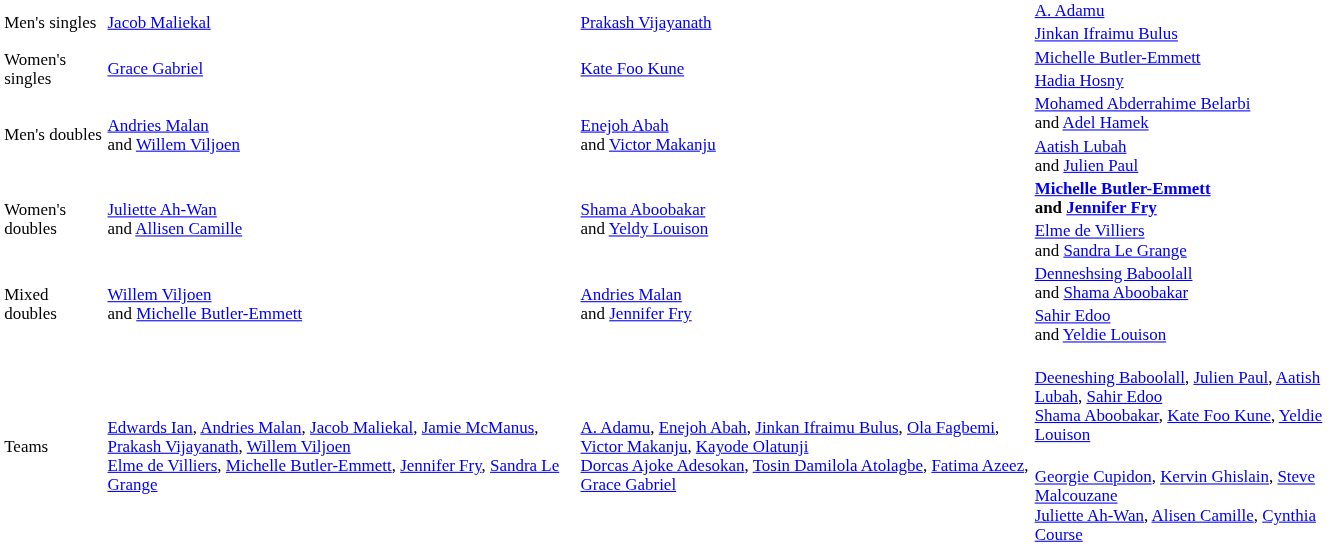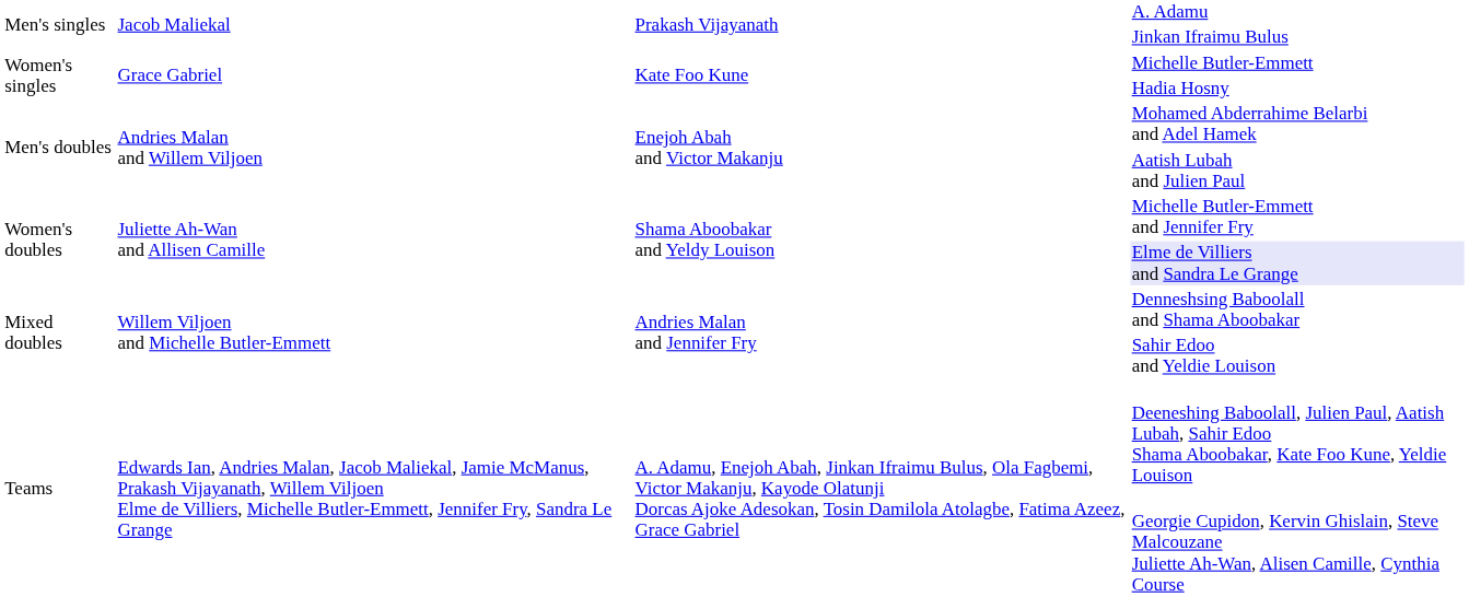 <table>
 <tr>
 <td rowspan=2>Men's singles</td>
 <td rowspan=2> <a href='#'>Jacob Maliekal</a></td>
 <td rowspan=2> <a href='#'>Prakash Vijayanath</a></td>
 <td> <a href='#'>A. Adamu</a></td>
 </tr>
 <tr>
 <td> <a href='#'>Jinkan Ifraimu Bulus</a></td>
 </tr>
 <tr>
 <td rowspan=2>Women's singles</td>
 <td rowspan=2> <a href='#'>Grace Gabriel</a></td>
 <td rowspan=2> <a href='#'>Kate Foo Kune</a></td>
 <td> <a href='#'>Michelle Butler-Emmett</a></td>
 </tr>
 <tr>
 <td> <a href='#'>Hadia Hosny</a></td>
 </tr>
 <tr>
 <td rowspan=2>Men's doubles</td>
 <td rowspan=2> <a href='#'>Andries Malan</a><br>and <a href='#'>Willem Viljoen</a></td>
 <td rowspan=2> <a href='#'>Enejoh Abah</a><br>and <a href='#'>Victor Makanju</a></td>
 <td> <a href='#'>Mohamed Abderrahime Belarbi</a><br>and <a href='#'>Adel Hamek</a></td>
 </tr>
 <tr>
 <td> <a href='#'>Aatish Lubah</a><br>and <a href='#'>Julien Paul</a></td>
 </tr>
 <tr>
 <td rowspan=2>Women's doubles</td>
 <td rowspan=2> <a href='#'>Juliette Ah-Wan</a><br>and <a href='#'>Allisen Camille</a></td>
 <td rowspan=2> <a href='#'>Shama Aboobakar</a><br>and <a href='#'>Yeldy Louison</a></td>
-<td><strong> <a href='#'>Michelle Butler-Emmett</a><br>and <a href='#'>Jennifer Fry</a></strong></td>
+<td> <a href='#'>Michelle Butler-Emmett</a><br>and <a href='#'>Jennifer Fry</a></td>
 </tr>
 <tr>
-<td> <a href='#'>Elme de Villiers</a><br>and <a href='#'>Sandra Le Grange</a></td>
+<td style="background: lavender;"> <a href='#'>Elme de Villiers</a><br>and <a href='#'>Sandra Le Grange</a></td>
 </tr>
 <tr>
 <td rowspan=2>Mixed doubles</td>
 <td rowspan=2> <a href='#'>Willem Viljoen</a><br>and <a href='#'>Michelle Butler-Emmett</a></td>
 <td rowspan=2> <a href='#'>Andries Malan</a><br>and <a href='#'>Jennifer Fry</a></td>
 <td> <a href='#'>Denneshsing Baboolall</a><br>and <a href='#'>Shama Aboobakar</a></td>
 </tr>
 <tr>
 <td> <a href='#'>Sahir Edoo</a><br>and <a href='#'>Yeldie Louison</a></td>
 </tr>
 <tr>
 <td rowspan=2>Teams</td>
 <td rowspan=2><br><a href='#'>Edwards Ian</a>, <a href='#'>Andries Malan</a>, <a href='#'>Jacob Maliekal</a>, <a href='#'>Jamie McManus</a>, <a href='#'>Prakash Vijayanath</a>, <a href='#'>Willem Viljoen</a><br> <a href='#'>Elme de Villiers</a>, <a href='#'>Michelle Butler-Emmett</a>, <a href='#'>Jennifer Fry</a>, <a href='#'>Sandra Le Grange</a></td>
 <td rowspan=2><br> <a href='#'>A. Adamu</a>, <a href='#'>Enejoh Abah</a>, <a href='#'>Jinkan Ifraimu Bulus</a>, <a href='#'>Ola Fagbemi</a>, <a href='#'>Victor Makanju</a>, <a href='#'>Kayode Olatunji</a><br><a href='#'>Dorcas Ajoke Adesokan</a>, <a href='#'>Tosin Damilola Atolagbe</a>, <a href='#'>Fatima Azeez</a>, <a href='#'>Grace Gabriel</a></td>
 <td><br><a href='#'>Deeneshing Baboolall</a>, <a href='#'>Julien Paul</a>, <a href='#'>Aatish Lubah</a>, <a href='#'>Sahir Edoo</a><br><a href='#'>Shama Aboobakar</a>, <a href='#'>Kate Foo Kune</a>, <a href='#'>Yeldie Louison</a></td>
 </tr>
 <tr>
 <td><br><a href='#'>Georgie Cupidon</a>, <a href='#'>Kervin Ghislain</a>, <a href='#'>Steve Malcouzane</a><br><a href='#'>Juliette Ah-Wan</a>, <a href='#'>Alisen Camille</a>, <a href='#'>Cynthia Course</a></td>
 </tr>
 </table>
